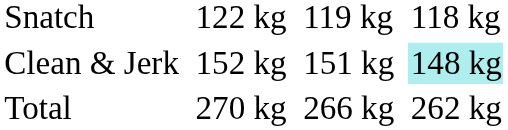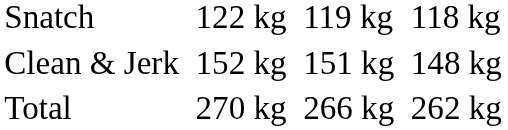 <table>
 <tr>
 <td>Snatch</td>
 <td></td>
 <td>122 kg</td>
 <td></td>
 <td>119 kg</td>
 <td></td>
 <td>118 kg</td>
 </tr>
 <tr>
 <td>Clean & Jerk</td>
 <td></td>
 <td>152 kg</td>
 <td></td>
 <td>151 kg</td>
 <td></td>
-<td style="background: paleturquoise;">148 kg</td>
+<td>148 kg</td>
 </tr>
 <tr>
 <td>Total</td>
 <td></td>
 <td>270 kg</td>
 <td></td>
 <td>266 kg</td>
 <td></td>
 <td>262 kg</td>
 </tr>
 </table>
